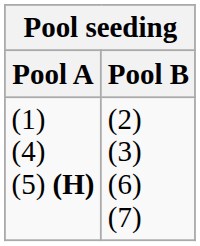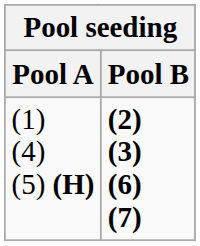 <table class="wikitable collapsible">
 <tr>
 <th colspan=2>Pool seeding</th>
 </tr>
 <tr>
 <th>Pool A</th>
 <th>Pool B</th>
 </tr>
 <tr>
 <td valign=top> (1)<br> (4)<br> (5) <strong>(H)</strong></td>
-<td valign=top> (2) <br> (3)<br> (6)<br> (7)</td>
+<td valign=top><strong> (2) <br> (3)<br> (6)<br> (7)</strong></td>
 </tr>
 </table>
